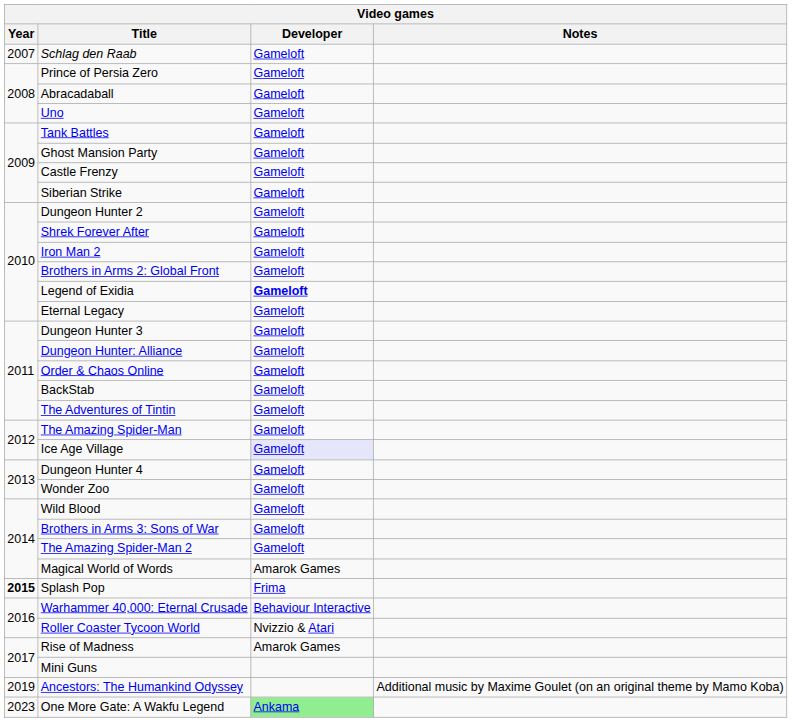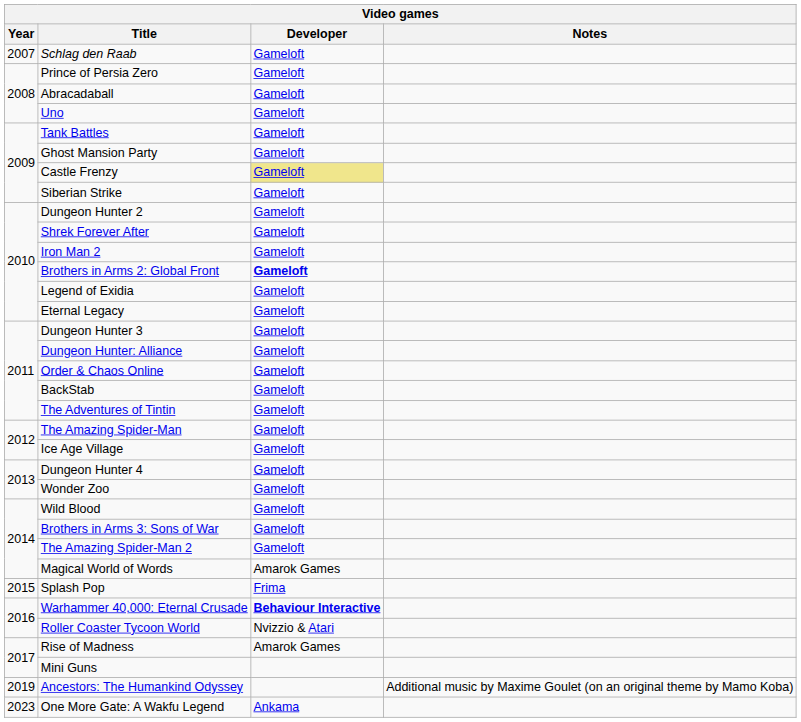 <table class="wikitable sortable" width="auto">
 <tr>
 <th colspan="5">Video games</th>
 </tr>
 <tr>
 <th>Year</th>
 <th>Title</th>
 <th>Developer</th>
 <th>Notes</th>
 </tr>
 <tr>
 <td>2007</td>
 <td><em>Schlag den Raab</em></td>
 <td><a href='#'>Gameloft</a></td>
 <td></td>
 </tr>
 <tr>
 <td rowspan="3">2008</td>
 <td>Prince of Persia Zero</td>
 <td><a href='#'>Gameloft</a></td>
 <td></td>
 </tr>
 <tr>
 <td>Abracadaball</td>
 <td><a href='#'>Gameloft</a></td>
 <td></td>
 </tr>
 <tr>
 <td><a href='#'>Uno</a></td>
 <td><a href='#'>Gameloft</a></td>
 <td></td>
 </tr>
 <tr>
 <td rowspan="4">2009</td>
 <td><a href='#'>Tank Battles</a></td>
 <td><a href='#'>Gameloft</a></td>
 <td></td>
 </tr>
 <tr>
 <td>Ghost Mansion Party</td>
 <td><a href='#'>Gameloft</a></td>
 <td></td>
 </tr>
 <tr>
 <td>Castle Frenzy</td>
-<td><a href='#'>Gameloft</a></td>
+<td style="background: khaki;"><a href='#'>Gameloft</a></td>
 <td></td>
 </tr>
 <tr>
 <td>Siberian Strike</td>
 <td><a href='#'>Gameloft</a></td>
 <td></td>
 </tr>
 <tr>
 <td rowspan="6">2010</td>
 <td>Dungeon Hunter 2</td>
 <td><a href='#'>Gameloft</a></td>
 <td></td>
 </tr>
 <tr>
 <td><a href='#'>Shrek Forever After</a></td>
 <td><a href='#'>Gameloft</a></td>
 <td></td>
 </tr>
 <tr>
 <td><a href='#'>Iron Man 2</a></td>
 <td><a href='#'>Gameloft</a></td>
 <td></td>
 </tr>
 <tr>
 <td><a href='#'>Brothers in Arms 2: Global Front</a></td>
-<td><a href='#'>Gameloft</a></td>
+<td><strong><a href='#'>Gameloft</a></strong></td>
 <td></td>
 </tr>
 <tr>
 <td>Legend of Exidia</td>
-<td><strong><a href='#'>Gameloft</a></strong></td>
+<td><a href='#'>Gameloft</a></td>
 <td></td>
 </tr>
 <tr>
 <td>Eternal Legacy</td>
 <td><a href='#'>Gameloft</a></td>
 <td></td>
 </tr>
 <tr>
 <td rowspan="5">2011</td>
 <td>Dungeon Hunter 3</td>
 <td><a href='#'>Gameloft</a></td>
 <td></td>
 </tr>
 <tr>
 <td><a href='#'>Dungeon Hunter: Alliance</a></td>
 <td><a href='#'>Gameloft</a></td>
 <td></td>
 </tr>
 <tr>
 <td><a href='#'>Order & Chaos Online</a></td>
 <td><a href='#'>Gameloft</a></td>
 <td></td>
 </tr>
 <tr>
 <td>BackStab</td>
 <td><a href='#'>Gameloft</a></td>
 <td></td>
 </tr>
 <tr>
 <td><a href='#'>The Adventures of Tintin</a></td>
 <td><a href='#'>Gameloft</a></td>
 <td></td>
 </tr>
 <tr>
 <td rowspan="2">2012</td>
 <td><a href='#'>The Amazing Spider-Man</a></td>
 <td><a href='#'>Gameloft</a></td>
 <td></td>
 </tr>
 <tr>
 <td>Ice Age Village</td>
-<td style="background: lavender;"><a href='#'>Gameloft</a></td>
+<td><a href='#'>Gameloft</a></td>
 <td></td>
 </tr>
 <tr>
 <td rowspan="2">2013</td>
 <td>Dungeon Hunter 4</td>
 <td><a href='#'>Gameloft</a></td>
 <td></td>
 </tr>
 <tr>
 <td>Wonder Zoo</td>
 <td><a href='#'>Gameloft</a></td>
 <td></td>
 </tr>
 <tr>
 <td rowspan="4">2014</td>
 <td>Wild Blood</td>
 <td><a href='#'>Gameloft</a></td>
 <td></td>
 </tr>
 <tr>
 <td><a href='#'>Brothers in Arms 3: Sons of War</a></td>
 <td><a href='#'>Gameloft</a></td>
 <td></td>
 </tr>
 <tr>
 <td><a href='#'>The Amazing Spider-Man 2</a></td>
 <td><a href='#'>Gameloft</a></td>
 <td></td>
 </tr>
 <tr>
 <td>Magical World of Words</td>
 <td>Amarok Games</td>
 <td></td>
 </tr>
 <tr>
-<td><strong>2015</strong></td>
+<td>2015</td>
 <td>Splash Pop</td>
 <td><a href='#'>Frima</a></td>
 <td></td>
 </tr>
 <tr>
 <td rowspan="2">2016</td>
 <td><a href='#'>Warhammer 40,000: Eternal Crusade</a></td>
-<td><a href='#'>Behaviour Interactive</a></td>
+<td><strong><a href='#'>Behaviour Interactive</a></strong></td>
 <td></td>
 </tr>
 <tr>
 <td><a href='#'>Roller Coaster Tycoon World</a></td>
 <td>Nvizzio & <a href='#'>Atari</a></td>
 <td></td>
 </tr>
 <tr>
 <td rowspan="2">2017</td>
 <td>Rise of Madness</td>
 <td>Amarok Games</td>
 <td></td>
 </tr>
 <tr>
 <td>Mini Guns</td>
 <td></td>
 <td></td>
 </tr>
 <tr>
 <td>2019</td>
 <td><a href='#'>Ancestors: The Humankind Odyssey</a></td>
 <td></td>
 <td>Additional music by Maxime Goulet (on an original theme by Mamo Koba)</td>
 </tr>
 <tr>
 <td>2023</td>
 <td>One More Gate: A Wakfu Legend</td>
-<td style="background: lightgreen;"><a href='#'>Ankama</a></td>
+<td><a href='#'>Ankama</a></td>
 <td></td>
 </tr>
 </table>
